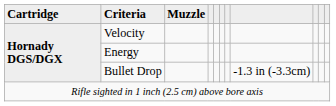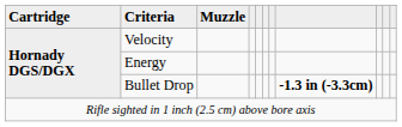 <table class="wikitable" border="1">
 <tr>
 <td style="background: #eeeeee" width="120pt"><strong>Cartridge</strong></td>
 <td style="background: #eeeeee"><strong>Criteria</strong></td>
 <td style="background: #eeeeee"><strong>Muzzle</strong></td>
 <td style="background: #eeeeee"><strong></strong></td>
 <td style="background: #eeeeee"><strong></strong></td>
 <td style="background: #eeeeee"><strong></strong></td>
 <td style="background: #eeeeee"><strong></strong></td>
 <td style="background: #eeeeee"><strong></strong></td>
 <td style="background: #eeeeee"><strong></strong></td>
 <td style="background: #eeeeee"><strong></strong></td>
 <td style="background: #eeeeee"><strong></strong></td>
 </tr>
 <tr>
 <td style="background: #eeeeee" rowspan="3"><strong>Hornady  DGS/DGX</strong></td>
 <td>Velocity</td>
 <td></td>
 <td></td>
 <td></td>
 <td></td>
 <td></td>
 <td></td>
 <td></td>
 <td></td>
 <td></td>
 </tr>
 <tr>
 <td>Energy</td>
 <td></td>
 <td></td>
 <td></td>
 <td></td>
 <td></td>
 <td></td>
 <td></td>
 <td></td>
 <td></td>
 </tr>
 <tr>
 <td>Bullet Drop</td>
 <td></td>
 <td></td>
 <td></td>
 <td></td>
 <td></td>
-<td>-1.3 in (-3.3cm)</td>
+<td><strong>-1.3 in (-3.3cm)</strong></td>
 <td></td>
 <td></td>
 <td></td>
 </tr>
 <tr>
 <td colspan="11" align="center"><small><em>Rifle sighted in 1 inch (2.5 cm) above bore axis</em></small></td>
 </tr>
 </table>
